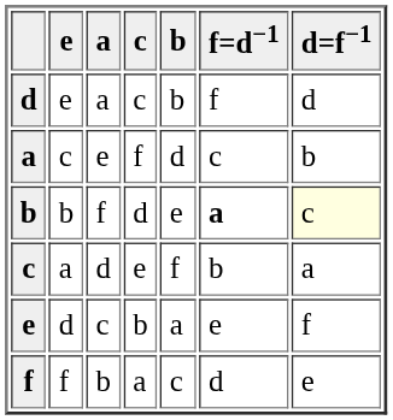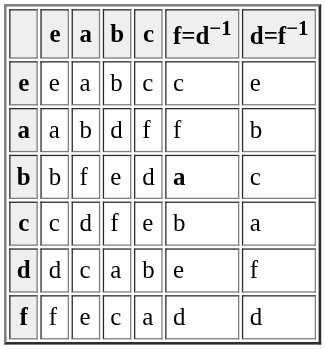 <table border="2" cellpadding="5" align="center">
 <tr>
 <th style="background:#efefef;"></th>
 <th style="background:#efefef;"><big>e</big></th>
 <th style="background:#efefef;"><big>a</big></th>
+<th style="background:#efefef;"><big>b</big></th>
 <th style="background:#efefef;"><big>c</big></th>
-<th style="background:#efefef;"><big>b</big></th>
 <th style="background:#efefef;"><big>f=d<sup>−1</sup></big></th>
 <th style="background:#efefef;"><big>d=f<sup>−1</sup></big></th>
 </tr>
 <tr>
-<th style="background:#efefef;"><big>d</big></th>
+<th style="background:#efefef;"><big>e</big></th>
 <td><big>e</big></td>
 <td><big>a</big></td>
+<td><big>b</big></td>
 <td><big>c</big></td>
-<td><big>b</big></td>
-<td><big>f</big></td>
-<td><big>d</big></td>
+<td><big>c</big></td>
+<td><big>e</big></td>
 </tr>
 <tr>
 <th style="background:#efefef;"><big>a</big></th>
-<td><big>c</big></td>
-<td><big>e</big></td>
+<td><big>a</big></td>
+<td><big>b</big></td>
+<td><big>d</big></td>
 <td><big>f</big></td>
-<td><big>d</big></td>
-<td><big>c</big></td>
+<td><big>f</big></td>
 <td><big>b</big></td>
 </tr>
 <tr>
 <th style="background:#efefef;"><big>b</big></th>
 <td><big>b</big></td>
 <td><big>f</big></td>
+<td><big>e</big></td>
 <td><big>d</big></td>
-<td><big>e</big></td>
 <td><strong><big>a</big></strong></td>
-<td style="background: lightyellow;"><big>c</big></td>
+<td><big>c</big></td>
 </tr>
 <tr>
 <th style="background:#efefef;"><big>c</big></th>
-<td><big>a</big></td>
+<td><big>c</big></td>
 <td><big>d</big></td>
+<td><big>f</big></td>
 <td><big>e</big></td>
-<td><big>f</big></td>
 <td><big>b</big></td>
 <td><big>a</big></td>
 </tr>
 <tr>
-<th style="background:#efefef;"><big>e</big></th>
+<th style="background:#efefef;"><big>d</big></th>
 <td><big>d</big></td>
 <td><big>c</big></td>
+<td><big>a</big></td>
 <td><big>b</big></td>
-<td><big>a</big></td>
 <td><big>e</big></td>
 <td><big>f</big></td>
 </tr>
 <tr>
 <th style="background:#efefef;"><big>f</big></th>
 <td><big>f</big></td>
-<td><big>b</big></td>
+<td><big>e</big></td>
+<td><big>c</big></td>
 <td><big>a</big></td>
-<td><big>c</big></td>
 <td><big>d</big></td>
-<td><big>e</big></td>
+<td><big>d</big></td>
 </tr>
 </table>
